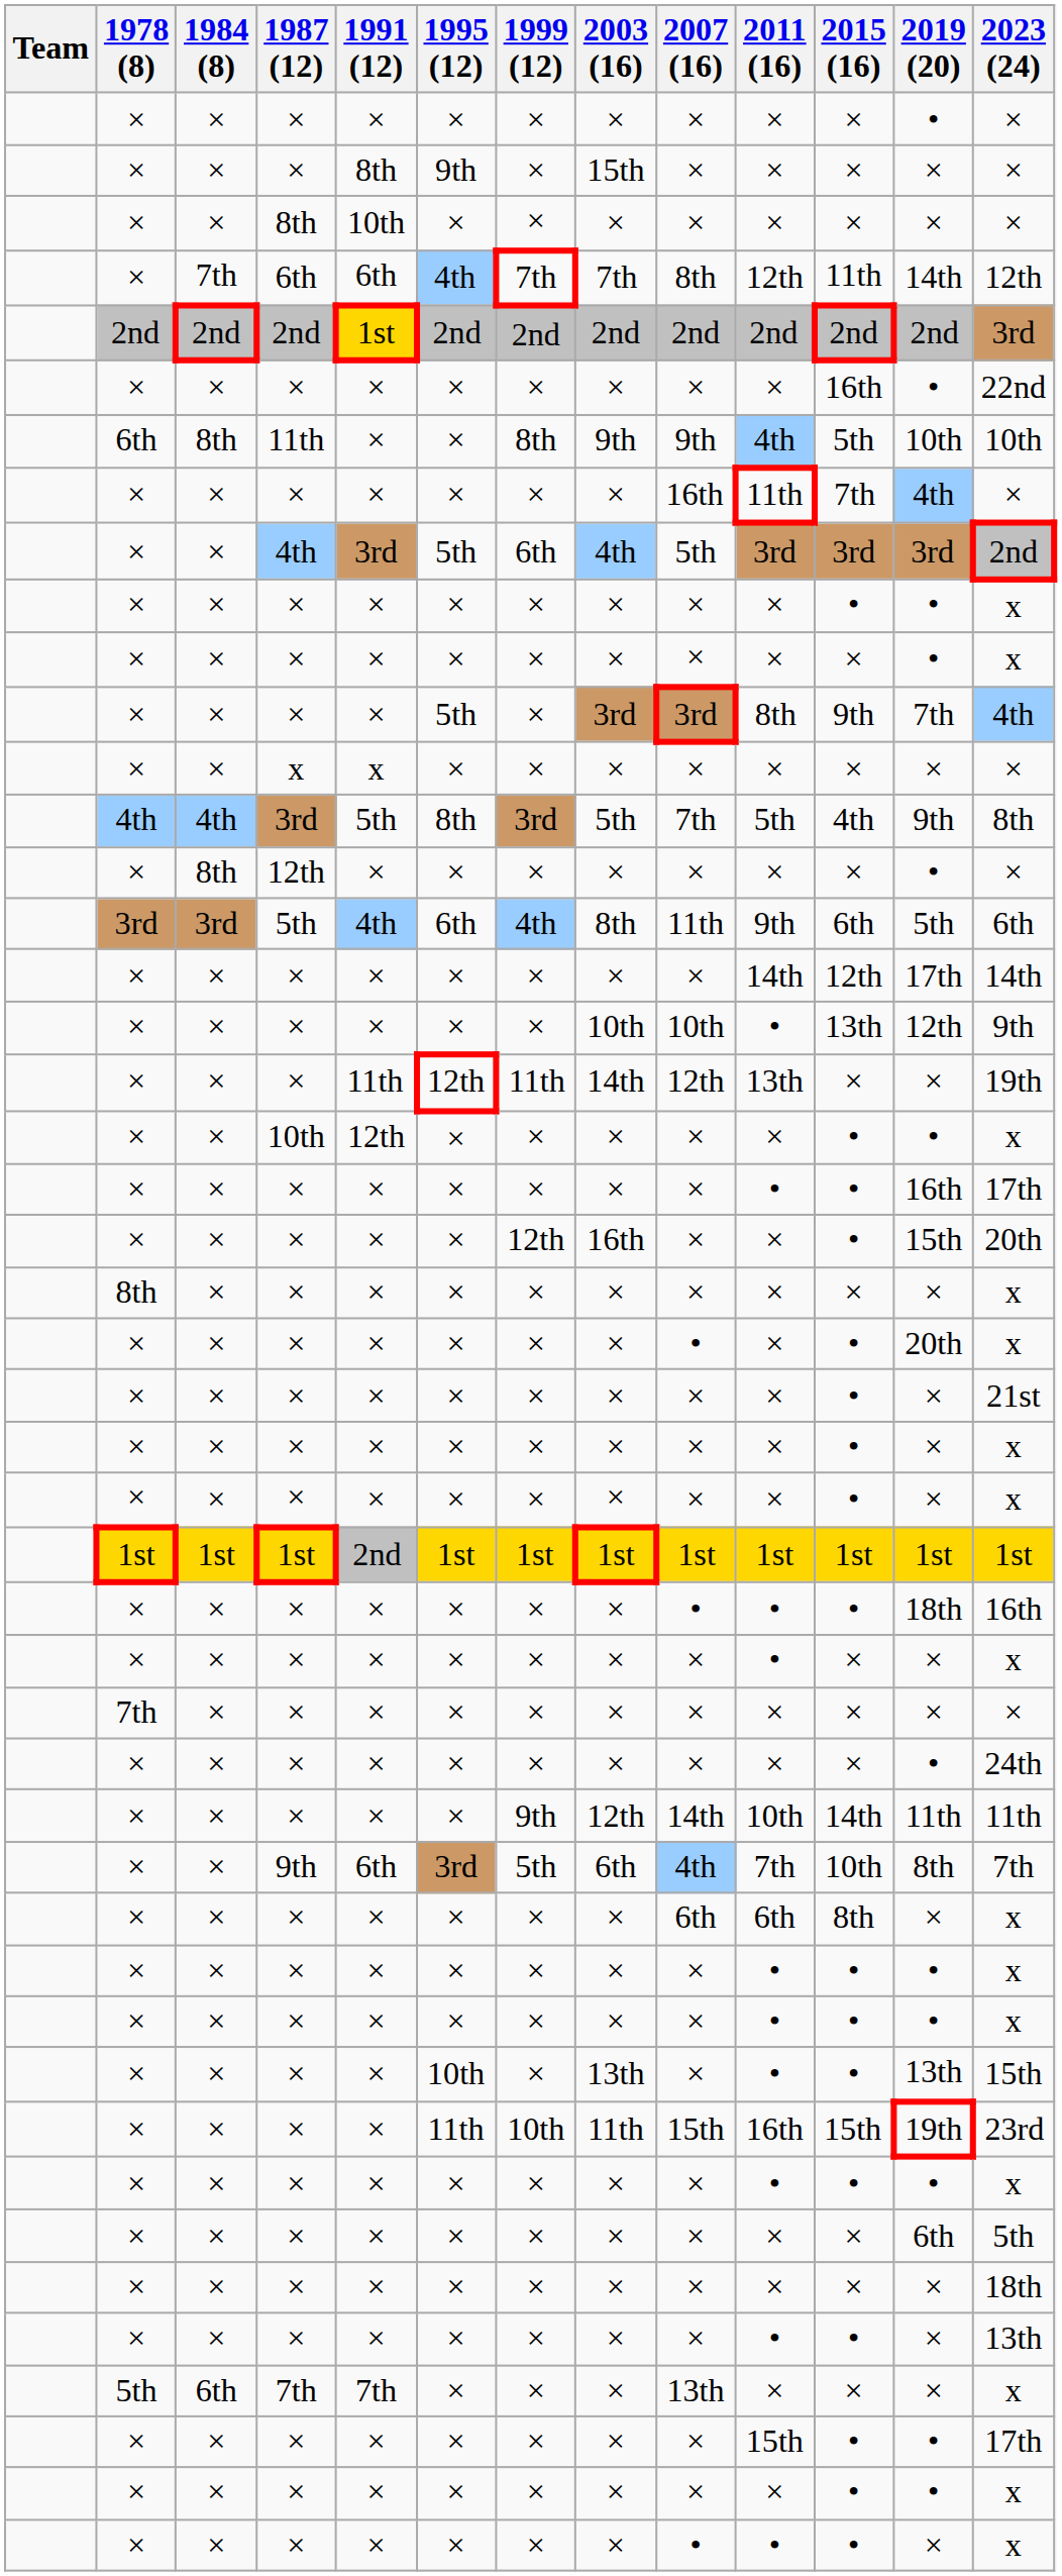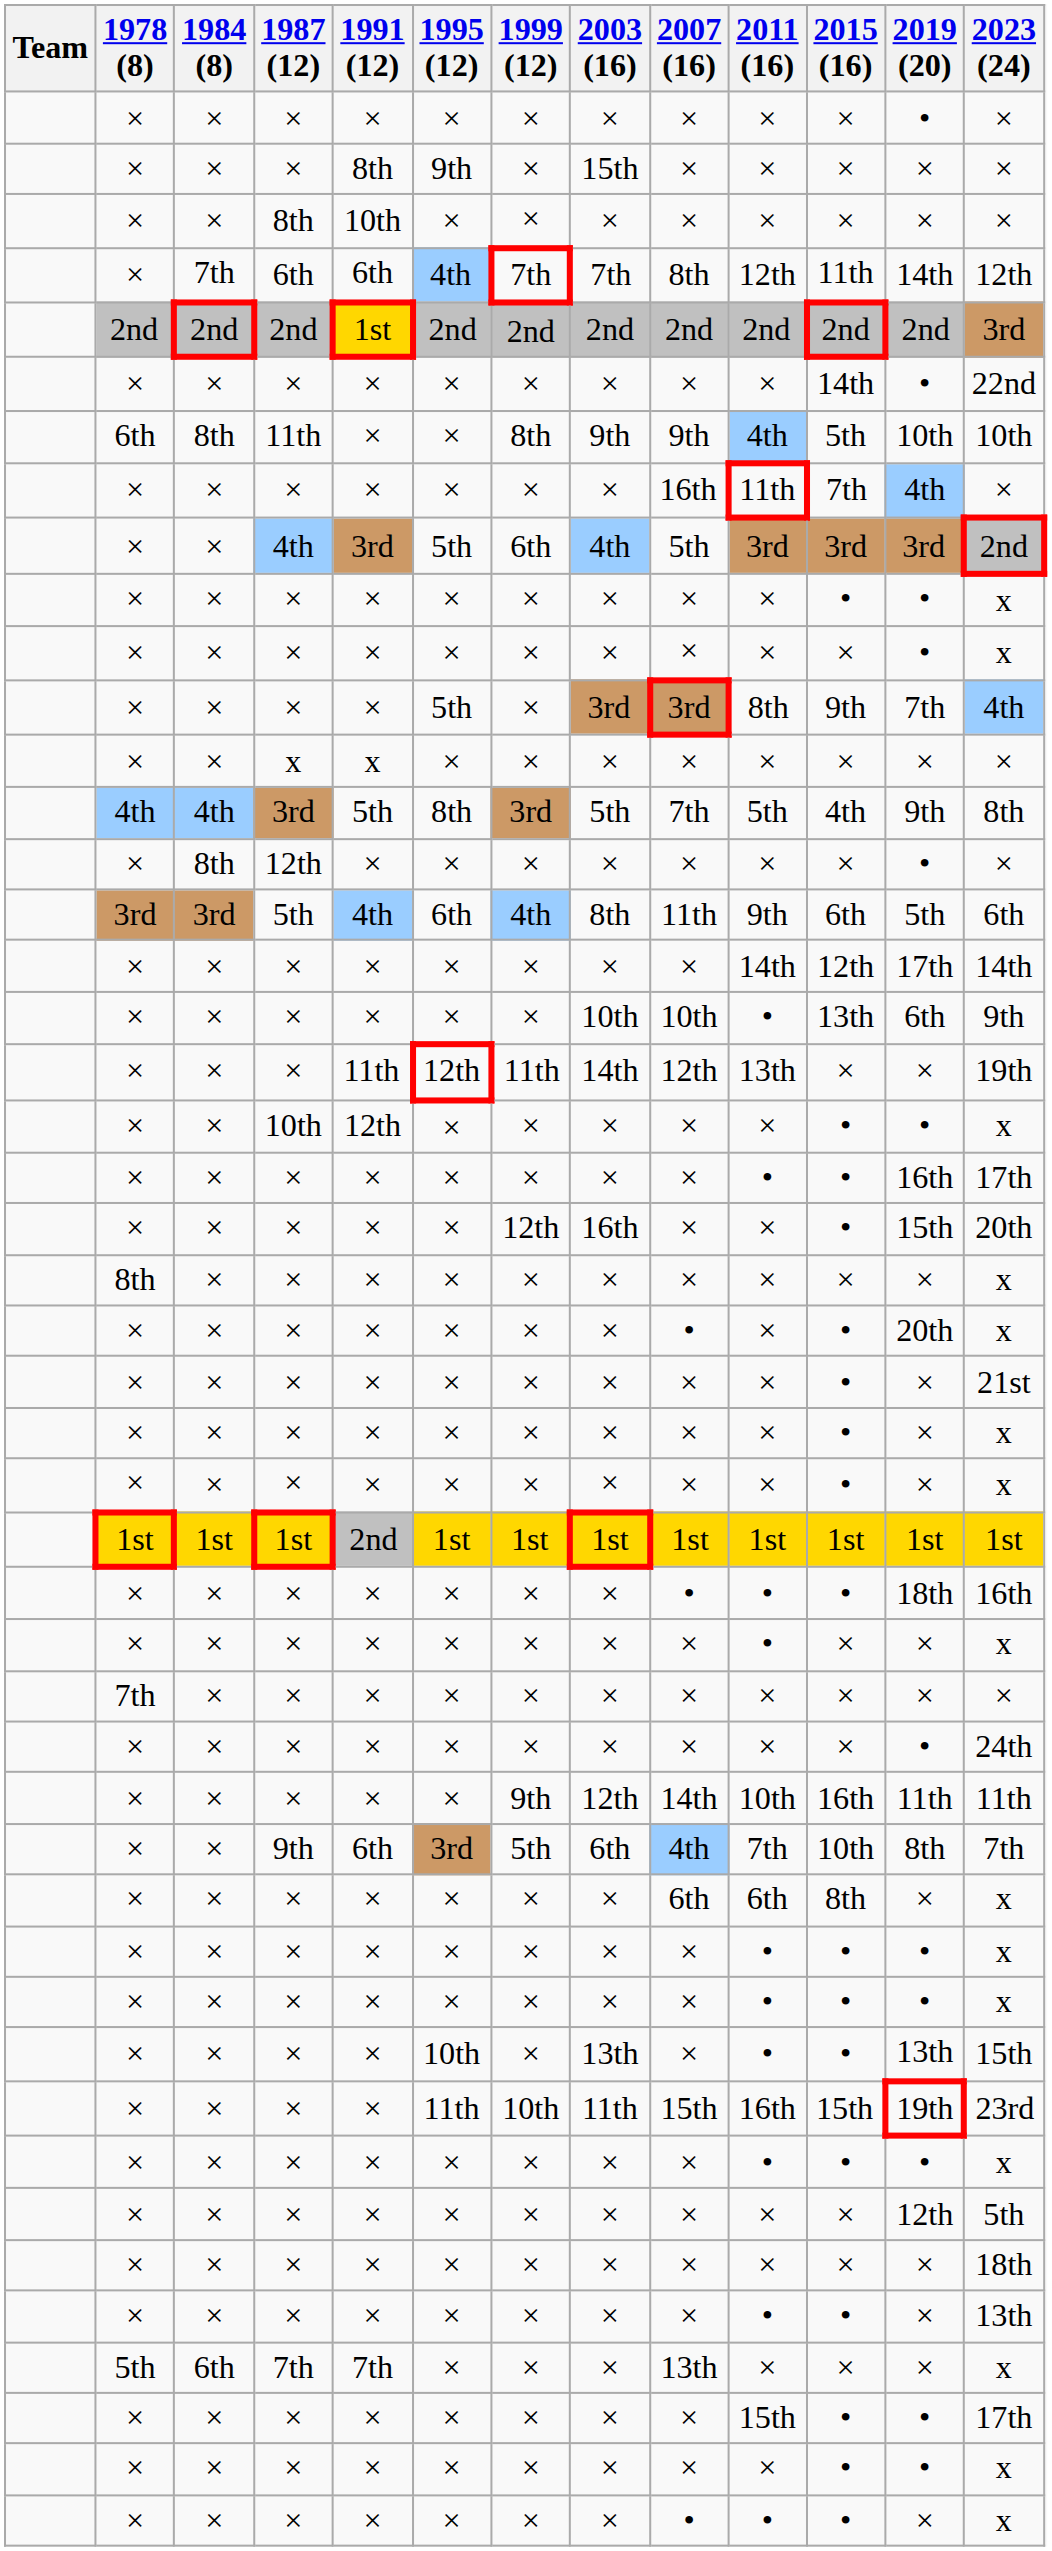 <table class="wikitable" style="text-align: center">
 <tr>
 <th>Team</th>
 <th><a href='#'>1978</a><br> (8)</th>
 <th><a href='#'>1984</a><br> (8)</th>
 <th><a href='#'>1987</a><br> (12)</th>
 <th><a href='#'>1991</a><br> (12)</th>
 <th><a href='#'>1995</a><br> (12)</th>
 <th><a href='#'>1999</a><br> (12)</th>
 <th><a href='#'>2003</a><br> (16)</th>
 <th><a href='#'>2007</a><br> (16)</th>
 <th><a href='#'>2011</a><br> (16)</th>
 <th><a href='#'>2015</a><br> (16)</th>
 <th><a href='#'>2019</a><br> (20)</th>
 <th><a href='#'>2023</a><br> (24)</th>
 </tr>
 <tr>
 <td id="ARG" align=left></td>
 <td>×</td>
 <td>×</td>
 <td>×</td>
 <td>×</td>
 <td>×</td>
 <td>×</td>
 <td>×</td>
 <td>×</td>
 <td>×</td>
 <td>×</td>
 <td>•</td>
 <td>×</td>
 </tr>
 <tr>
 <td id="ARM" align=left></td>
 <td>×</td>
 <td>×</td>
 <td>×</td>
 <td>8th</td>
 <td>9th</td>
 <td>×</td>
 <td>15th</td>
 <td>×</td>
 <td>×</td>
 <td>×</td>
 <td>×</td>
 <td>×</td>
 </tr>
 <tr>
 <td id="ARU" align=left></td>
 <td>×</td>
 <td>×</td>
 <td>8th</td>
 <td>10th</td>
 <td>×</td>
 <td>×</td>
 <td>×</td>
 <td>×</td>
 <td>×</td>
 <td>×</td>
 <td>×</td>
 <td>×</td>
 </tr>
 <tr>
 <td id="AUS" align=left></td>
 <td>×</td>
 <td>7th</td>
 <td>6th</td>
 <td>6th</td>
 <td bgcolor=#9acdff>4th</td>
 <td style="border:3px solid red">7th</td>
 <td>7th</td>
 <td>8th</td>
 <td>12th</td>
 <td>11th</td>
 <td>14th</td>
 <td>12th</td>
 </tr>
 <tr>
 <td id="BEL" align=left></td>
 <td bgcolor=silver>2nd</td>
 <td bgcolor=silver style="border:3px solid red">2nd</td>
 <td bgcolor=silver>2nd</td>
 <td bgcolor=gold style="border:3px solid red">1st</td>
 <td bgcolor=silver>2nd</td>
 <td bgcolor=silver>2nd</td>
 <td bgcolor=silver>2nd</td>
 <td bgcolor=silver>2nd</td>
 <td bgcolor=silver>2nd</td>
 <td bgcolor=silver style="border:3px solid red">2nd</td>
 <td bgcolor=silver>2nd</td>
 <td bgcolor=#cc9966>3rd</td>
 </tr>
 <tr>
 <td id="BRA" align=left></td>
 <td>×</td>
 <td>×</td>
 <td>×</td>
 <td>×</td>
 <td>×</td>
 <td>×</td>
 <td>×</td>
 <td>×</td>
 <td>×</td>
-<td>16th</td>
+<td>14th</td>
 <td>•</td>
 <td>22nd</td>
 </tr>
 <tr>
 <td id="CAT" align=left></td>
 <td>6th</td>
 <td>8th</td>
 <td>11th</td>
 <td>×</td>
 <td>×</td>
 <td>8th</td>
 <td>9th</td>
 <td>9th</td>
 <td bgcolor=#9acdff>4th</td>
 <td>5th</td>
 <td>10th</td>
 <td>10th</td>
 </tr>
 <tr>
 <td id="CHN" align=left></td>
 <td>×</td>
 <td>×</td>
 <td>×</td>
 <td>×</td>
 <td>×</td>
 <td>×</td>
 <td>×</td>
 <td>16th</td>
 <td style="border:3px solid red">11th</td>
 <td>7th</td>
 <td bgcolor=#9acdff>4th</td>
 <td>×</td>
 </tr>
 <tr>
 <td id="TPE" align=left></td>
 <td>×</td>
 <td>×</td>
 <td bgcolor=#9acdff>4th</td>
 <td bgcolor=#cc9966>3rd</td>
 <td>5th</td>
 <td>6th</td>
 <td bgcolor=#9acdff>4th</td>
 <td>5th</td>
 <td bgcolor=#cc9966>3rd</td>
 <td bgcolor=#cc9966>3rd</td>
 <td bgcolor=#cc9966>3rd</td>
 <td bgcolor=silver style="border:3px solid red">2nd</td>
 </tr>
 <tr>
 <td id="COL" align=left></td>
 <td>×</td>
 <td>×</td>
 <td>×</td>
 <td>×</td>
 <td>×</td>
 <td>×</td>
 <td>×</td>
 <td>×</td>
 <td>×</td>
 <td>•</td>
 <td>•</td>
 <td>x</td>
 </tr>
 <tr>
 <td id="CRC" align=left></td>
 <td>×</td>
 <td>×</td>
 <td>×</td>
 <td>×</td>
 <td>×</td>
 <td>×</td>
 <td>×</td>
 <td>×</td>
 <td>×</td>
 <td>×</td>
 <td>•</td>
 <td>x</td>
 </tr>
 <tr>
 <td id="CZE" align=left></td>
 <td>×</td>
 <td>×</td>
 <td>×</td>
 <td>×</td>
 <td>5th</td>
 <td>×</td>
 <td bgcolor=#cc9966>3rd</td>
 <td bgcolor=#cc9966 style="border:3px solid red">3rd</td>
 <td>8th</td>
 <td>9th</td>
 <td>7th</td>
 <td bgcolor=#9acdff>4th</td>
 </tr>
 <tr>
 <td id="DOM" align=left></td>
 <td>×</td>
 <td>×</td>
 <td>x</td>
 <td>x</td>
 <td>×</td>
 <td>×</td>
 <td>×</td>
 <td>×</td>
 <td>×</td>
 <td>×</td>
 <td>×</td>
 <td>×</td>
 </tr>
 <tr>
 <td id="ENG" align=left></td>
 <td bgcolor=#9acdff>4th</td>
 <td bgcolor=#9acdff>4th</td>
 <td bgcolor=#cc9966>3rd</td>
 <td>5th</td>
 <td>8th</td>
 <td bgcolor=#cc9966>3rd</td>
 <td>5th</td>
 <td>7th</td>
 <td>5th</td>
 <td>4th</td>
 <td>9th</td>
 <td>8th</td>
 </tr>
 <tr>
 <td id="FRA" align=left></td>
 <td>×</td>
 <td>8th</td>
 <td>12th</td>
 <td>×</td>
 <td>×</td>
 <td>×</td>
 <td>×</td>
 <td>×</td>
 <td>×</td>
 <td>×</td>
 <td>•</td>
 <td>×</td>
 </tr>
 <tr>
 <td id="GER" align=left></td>
 <td bgcolor=#cc9966>3rd</td>
 <td bgcolor=#cc9966>3rd</td>
 <td>5th</td>
 <td bgcolor=#9acdff>4th</td>
 <td>6th</td>
 <td bgcolor=#9acdff>4th</td>
 <td>8th</td>
 <td>11th</td>
 <td>9th</td>
 <td>6th</td>
 <td>5th</td>
 <td>6th</td>
 </tr>
 <tr>
 <td id="HKG" align=left></td>
 <td>×</td>
 <td>×</td>
 <td>×</td>
 <td>×</td>
 <td>×</td>
 <td>×</td>
 <td>×</td>
 <td>×</td>
 <td>14th</td>
 <td>12th</td>
 <td>17th</td>
 <td>14th</td>
 </tr>
 <tr>
 <td id="HUN" align=left></td>
 <td>×</td>
 <td>×</td>
 <td>×</td>
 <td>×</td>
 <td>×</td>
 <td>×</td>
 <td>10th</td>
 <td>10th</td>
 <td>•</td>
 <td>13th</td>
-<td>12th</td>
+<td>6th</td>
 <td>9th</td>
 </tr>
 <tr>
 <td id="IND" align=left></td>
 <td>×</td>
 <td>×</td>
 <td>×</td>
 <td>11th</td>
 <td style="border:3px solid red">12th</td>
 <td>11th</td>
 <td>14th</td>
 <td>12th</td>
 <td>13th</td>
 <td>×</td>
 <td>×</td>
 <td>19th</td>
 </tr>
 <tr>
 <td id="INA" align=left></td>
 <td>×</td>
 <td>×</td>
 <td>10th</td>
 <td>12th</td>
 <td>×</td>
 <td>×</td>
 <td>×</td>
 <td>×</td>
 <td>×</td>
 <td>•</td>
 <td>•</td>
 <td>x</td>
 </tr>
 <tr>
 <td id="IRL" align=left></td>
 <td>×</td>
 <td>×</td>
 <td>×</td>
 <td>×</td>
 <td>×</td>
 <td>×</td>
 <td>×</td>
 <td>×</td>
 <td>•</td>
 <td>•</td>
 <td>16th</td>
 <td>17th</td>
 </tr>
 <tr>
 <td id="JPN" align=left></td>
 <td>×</td>
 <td>×</td>
 <td>×</td>
 <td>×</td>
 <td>×</td>
 <td>12th</td>
 <td>16th</td>
 <td>×</td>
 <td>×</td>
 <td>•</td>
 <td>15th</td>
 <td>20th</td>
 </tr>
 <tr>
 <td id="LUX" align=left></td>
 <td>8th</td>
 <td>×</td>
 <td>×</td>
 <td>×</td>
 <td>×</td>
 <td>×</td>
 <td>×</td>
 <td>×</td>
 <td>×</td>
 <td>×</td>
 <td>×</td>
 <td>x</td>
 </tr>
 <tr>
 <td id="MAC" align=left></td>
 <td>×</td>
 <td>×</td>
 <td>×</td>
 <td>×</td>
 <td>×</td>
 <td>×</td>
 <td>×</td>
 <td>•</td>
 <td>×</td>
 <td>•</td>
 <td>20th</td>
 <td>x</td>
 </tr>
 <tr>
 <td id="MAS" align=left></td>
 <td>×</td>
 <td>×</td>
 <td>×</td>
 <td>×</td>
 <td>×</td>
 <td>×</td>
 <td>×</td>
 <td>×</td>
 <td>×</td>
 <td>•</td>
 <td>×</td>
 <td>21st</td>
 </tr>
 <tr>
 <td id="MWI" align=left></td>
 <td>×</td>
 <td>×</td>
 <td>×</td>
 <td>×</td>
 <td>×</td>
 <td>×</td>
 <td>×</td>
 <td>×</td>
 <td>×</td>
 <td>•</td>
 <td>×</td>
 <td>x</td>
 </tr>
 <tr>
 <td id="MEX" align=left></td>
 <td>×</td>
 <td>×</td>
 <td>×</td>
 <td>×</td>
 <td>×</td>
 <td>×</td>
 <td>×</td>
 <td>×</td>
 <td>×</td>
 <td>•</td>
 <td>×</td>
 <td>x</td>
 </tr>
 <tr>
 <td id="NED" align=left></td>
 <td bgcolor=gold style="border:3px solid red">1st</td>
 <td bgcolor=gold>1st</td>
 <td bgcolor=gold style="border:3px solid red">1st</td>
 <td bgcolor=silver>2nd</td>
 <td bgcolor=gold>1st</td>
 <td bgcolor=gold>1st</td>
 <td bgcolor=gold style="border:3px solid red">1st</td>
 <td bgcolor=gold>1st</td>
 <td bgcolor=gold>1st</td>
 <td bgcolor=gold>1st</td>
 <td bgcolor=gold>1st</td>
 <td bgcolor=gold>1st</td>
 </tr>
 <tr>
 <td id="NZL" align=left></td>
 <td>×</td>
 <td>×</td>
 <td>×</td>
 <td>×</td>
 <td>×</td>
 <td>×</td>
 <td>×</td>
 <td>•</td>
 <td>•</td>
 <td>•</td>
 <td>18th</td>
 <td>16th</td>
 </tr>
 <tr>
 <td id="PAK" align=left></td>
 <td>×</td>
 <td>×</td>
 <td>×</td>
 <td>×</td>
 <td>×</td>
 <td>×</td>
 <td>×</td>
 <td>×</td>
 <td>•</td>
 <td>×</td>
 <td>×</td>
 <td>x</td>
 </tr>
 <tr>
 <td id="PNG" align=left></td>
 <td>7th</td>
 <td>×</td>
 <td>×</td>
 <td>×</td>
 <td>×</td>
 <td>×</td>
 <td>×</td>
 <td>×</td>
 <td>×</td>
 <td>×</td>
 <td>×</td>
 <td>×</td>
 </tr>
 <tr>
 <td id="PHI" align=left></td>
 <td>×</td>
 <td>×</td>
 <td>×</td>
 <td>×</td>
 <td>×</td>
 <td>×</td>
 <td>×</td>
 <td>×</td>
 <td>×</td>
 <td>×</td>
 <td>•</td>
 <td>24th</td>
 </tr>
 <tr>
 <td id="POL" align=left></td>
 <td>×</td>
 <td>×</td>
 <td>×</td>
 <td>×</td>
 <td>×</td>
 <td>9th</td>
 <td>12th</td>
 <td>14th</td>
 <td>10th</td>
-<td>14th</td>
+<td>16th</td>
 <td>11th</td>
 <td>11th</td>
 </tr>
 <tr>
 <td id="POR" align=left></td>
 <td>×</td>
 <td>×</td>
 <td>9th</td>
 <td>6th</td>
 <td bgcolor=#cc9966>3rd</td>
 <td>5th</td>
 <td>6th</td>
 <td bgcolor=#9acdff>4th</td>
 <td>7th</td>
 <td>10th</td>
 <td>8th</td>
 <td>7th</td>
 </tr>
 <tr>
 <td id="RUS" align=left></td>
 <td>×</td>
 <td>×</td>
 <td>×</td>
 <td>×</td>
 <td>×</td>
 <td>×</td>
 <td>×</td>
 <td>6th</td>
 <td>6th</td>
 <td>8th</td>
 <td>×</td>
 <td>x</td>
 </tr>
 <tr>
 <td id="SCO" align=left></td>
 <td>×</td>
 <td>×</td>
 <td>×</td>
 <td>×</td>
 <td>×</td>
 <td>×</td>
 <td>×</td>
 <td>×</td>
 <td>•</td>
 <td>•</td>
 <td>•</td>
 <td>x</td>
 </tr>
 <tr>
 <td id="SER" align=left></td>
 <td>×</td>
 <td>×</td>
 <td>×</td>
 <td>×</td>
 <td>×</td>
 <td>×</td>
 <td>×</td>
 <td>×</td>
 <td>•</td>
 <td>•</td>
 <td>•</td>
 <td>x</td>
 </tr>
 <tr>
 <td id="SVK" align=left></td>
 <td>×</td>
 <td>×</td>
 <td>×</td>
 <td>×</td>
 <td>10th</td>
 <td>×</td>
 <td>13th</td>
 <td>×</td>
 <td>•</td>
 <td>•</td>
 <td>13th</td>
 <td>15th</td>
 </tr>
 <tr>
 <td id="RSA" align=left></td>
 <td>×</td>
 <td>×</td>
 <td>×</td>
 <td>×</td>
 <td>11th</td>
 <td>10th</td>
 <td>11th</td>
 <td>15th</td>
 <td>16th</td>
 <td>15th</td>
 <td style="border:3px solid red">19th</td>
 <td>23rd</td>
 </tr>
 <tr>
 <td id="KOR" align=left></td>
 <td>×</td>
 <td>×</td>
 <td>×</td>
 <td>×</td>
 <td>×</td>
 <td>×</td>
 <td>×</td>
 <td>×</td>
 <td>•</td>
 <td>•</td>
 <td>•</td>
 <td>x</td>
 </tr>
 <tr>
 <td id="SUR" align=left></td>
 <td>×</td>
 <td>×</td>
 <td>×</td>
 <td>×</td>
 <td>×</td>
 <td>×</td>
 <td>×</td>
 <td>×</td>
 <td>×</td>
 <td>×</td>
-<td>6th</td>
+<td>12th</td>
 <td>5th</td>
 </tr>
 <tr>
 <td id="TUR" align=left></td>
 <td>×</td>
 <td>×</td>
 <td>×</td>
 <td>×</td>
 <td>×</td>
 <td>×</td>
 <td>×</td>
 <td>×</td>
 <td>×</td>
 <td>×</td>
 <td>×</td>
 <td>18th</td>
 </tr>
 <tr>
 <td id="TUR" align=left></td>
 <td>×</td>
 <td>×</td>
 <td>×</td>
 <td>×</td>
 <td>×</td>
 <td>×</td>
 <td>×</td>
 <td>×</td>
 <td>•</td>
 <td>•</td>
 <td>×</td>
 <td>13th</td>
 </tr>
 <tr>
 <td id="USA" align=left></td>
 <td>5th</td>
 <td>6th</td>
 <td>7th</td>
 <td>7th</td>
 <td>×</td>
 <td>×</td>
 <td>×</td>
 <td>13th</td>
 <td>×</td>
 <td>×</td>
 <td>×</td>
 <td>x</td>
 </tr>
 <tr>
 <td id="WAL" align=left></td>
 <td>×</td>
 <td>×</td>
 <td>×</td>
 <td>×</td>
 <td>×</td>
 <td>×</td>
 <td>×</td>
 <td>×</td>
 <td>15th</td>
 <td>•</td>
 <td>•</td>
 <td>17th</td>
 </tr>
 <tr>
 <td id="ZAM" align=left></td>
 <td>×</td>
 <td>×</td>
 <td>×</td>
 <td>×</td>
 <td>×</td>
 <td>×</td>
 <td>×</td>
 <td>×</td>
 <td>×</td>
 <td>•</td>
 <td>•</td>
 <td>x</td>
 </tr>
 <tr>
 <td id="ZIM" align=left></td>
 <td>×</td>
 <td>×</td>
 <td>×</td>
 <td>×</td>
 <td>×</td>
 <td>×</td>
 <td>×</td>
 <td>•</td>
 <td>•</td>
 <td>•</td>
 <td>×</td>
 <td>x</td>
 </tr>
 </table>
